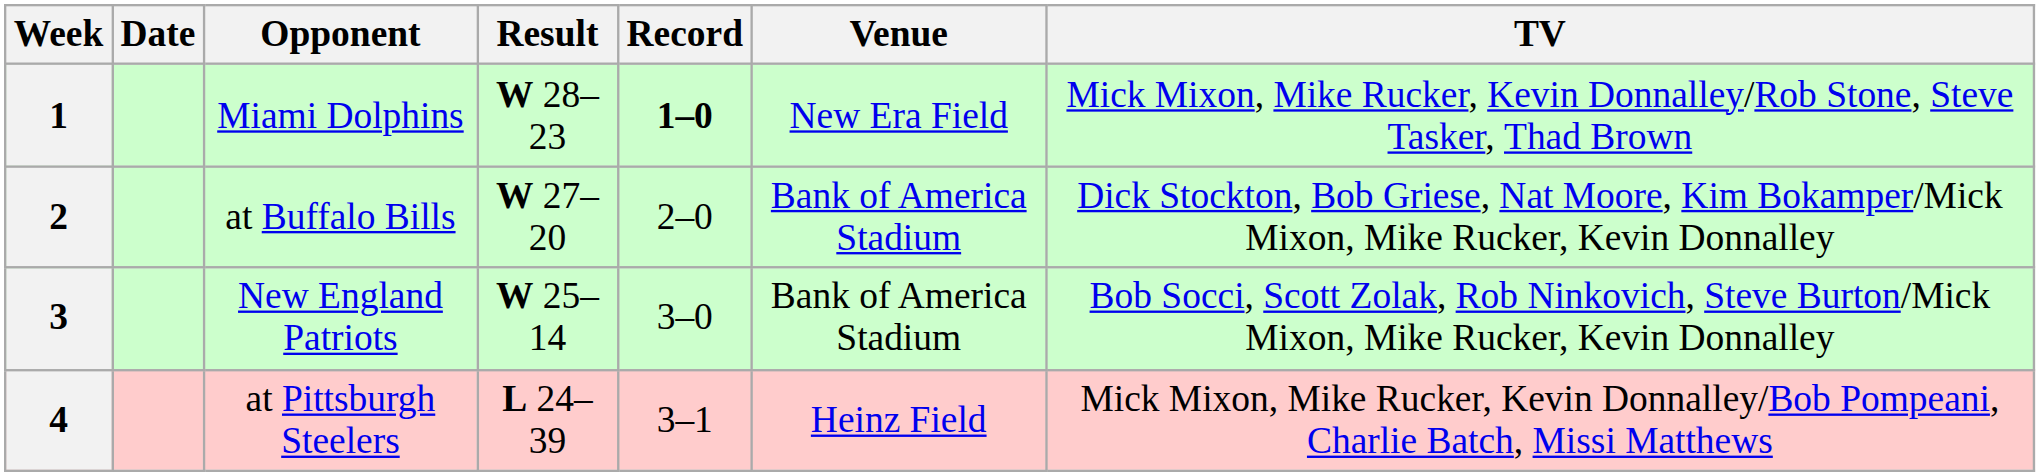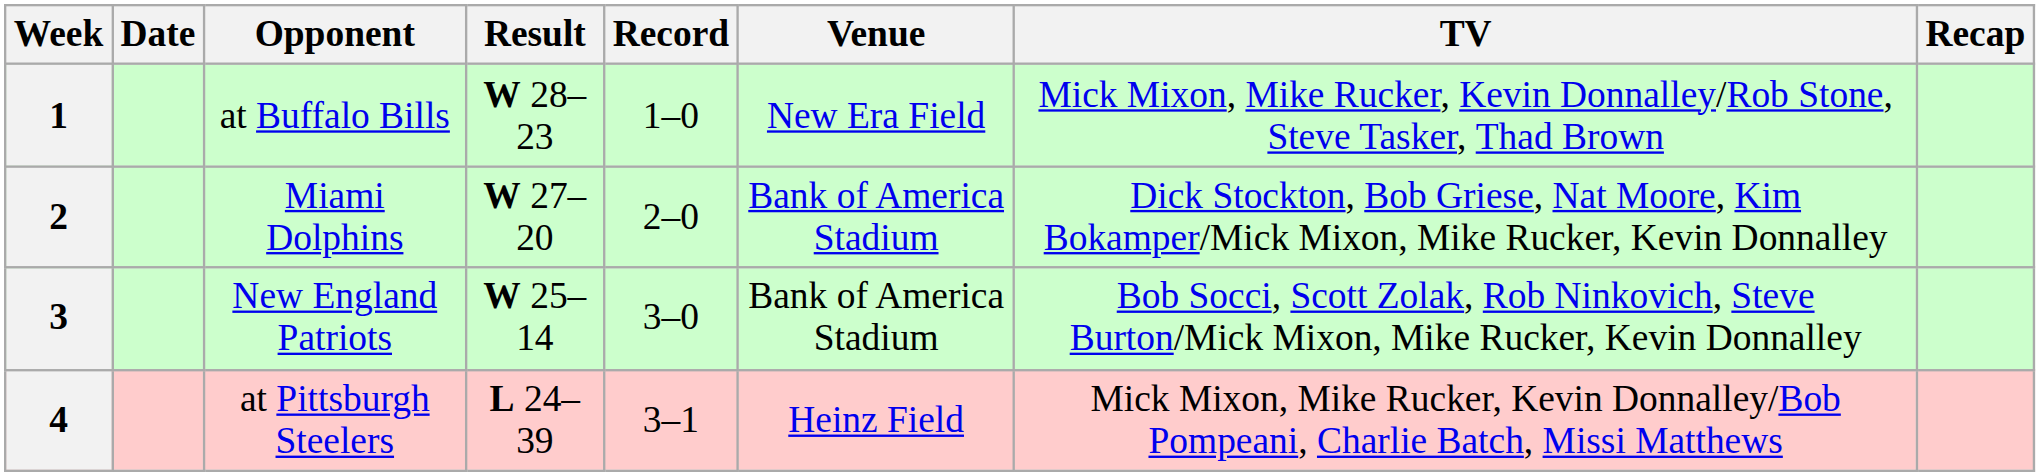 <table class="wikitable" style="text-align:center">
 <tr>
 <th>Week</th>
 <th>Date</th>
 <th>Opponent</th>
 <th>Result</th>
 <th>Record</th>
 <th>Venue</th>
 <th>TV</th>
+<th>Recap</th>
 </tr>
 <tr style="background:#cfc">
 <th>1</th>
 <td></td>
-<td><a href='#'>Miami Dolphins</a></td>
+<td>at <a href='#'>Buffalo Bills</a></td>
 <td><strong>W</strong> 28–23</td>
-<td><strong>1–0</strong></td>
+<td>1–0</td>
 <td><a href='#'>New Era Field</a></td>
 <td><a href='#'>Mick Mixon</a>, <a href='#'>Mike Rucker</a>, <a href='#'>Kevin Donnalley</a>/<a href='#'>Rob Stone</a>, <a href='#'>Steve Tasker</a>, <a href='#'>Thad Brown</a></td>
+<td></td>
 </tr>
 <tr style="background:#cfc">
 <th>2</th>
 <td></td>
-<td>at <a href='#'>Buffalo Bills</a></td>
+<td><a href='#'>Miami Dolphins</a></td>
 <td><strong>W</strong> 27–20</td>
 <td>2–0</td>
 <td><a href='#'>Bank of America Stadium</a></td>
 <td><a href='#'>Dick Stockton</a>, <a href='#'>Bob Griese</a>, <a href='#'>Nat Moore</a>, <a href='#'>Kim Bokamper</a>/Mick Mixon, Mike Rucker, Kevin Donnalley</td>
+<td></td>
 </tr>
 <tr style="background:#cfc">
 <th>3</th>
 <td></td>
 <td><a href='#'>New England Patriots</a></td>
 <td><strong>W</strong> 25–14</td>
 <td>3–0</td>
 <td>Bank of America Stadium</td>
 <td><a href='#'>Bob Socci</a>, <a href='#'>Scott Zolak</a>, <a href='#'>Rob Ninkovich</a>, <a href='#'>Steve Burton</a>/Mick Mixon, Mike Rucker, Kevin Donnalley</td>
+<td></td>
 </tr>
 <tr style="background:#fcc">
 <th>4</th>
 <td></td>
 <td>at <a href='#'>Pittsburgh Steelers</a></td>
 <td><strong>L</strong> 24–39</td>
 <td>3–1</td>
 <td><a href='#'>Heinz Field</a></td>
 <td>Mick Mixon, Mike Rucker, Kevin Donnalley/<a href='#'>Bob Pompeani</a>, <a href='#'>Charlie Batch</a>, <a href='#'>Missi Matthews</a></td>
+<td></td>
 </tr>
 </table>
